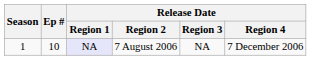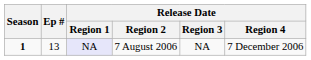 <table class="wikitable" style="text-align:center;">
 <tr>
 <th rowspan="2">Season</th>
 <th rowspan="2">Ep #</th>
 <th colspan="6">Release Date</th>
 </tr>
 <tr>
 <th>Region 1</th>
 <th>Region 2</th>
 <th>Region 3</th>
 <th>Region 4</th>
 </tr>
 <tr>
-<td>1</td>
-<td>10</td>
+<td><strong>1</strong></td>
+<td>13</td>
 <td style="background: lavender;">NA</td>
 <td>7 August 2006</td>
 <td>NA</td>
 <td>7 December 2006</td>
 </tr>
 </table>
